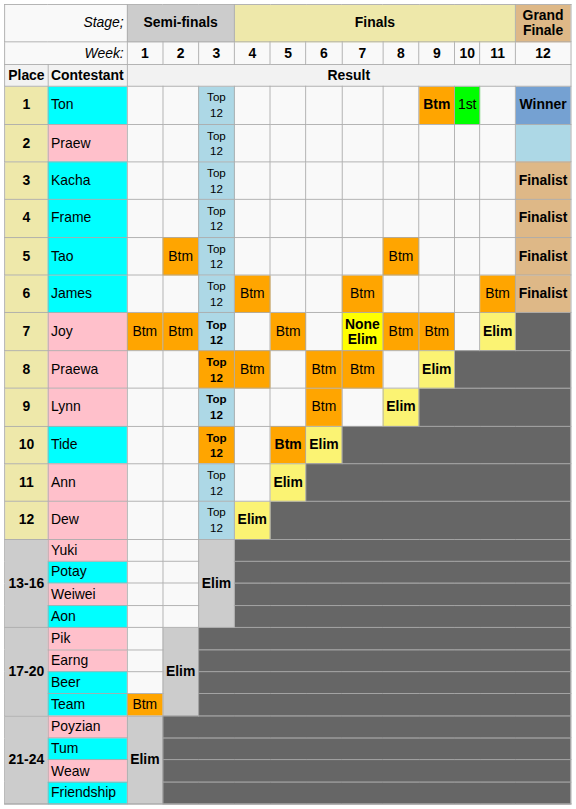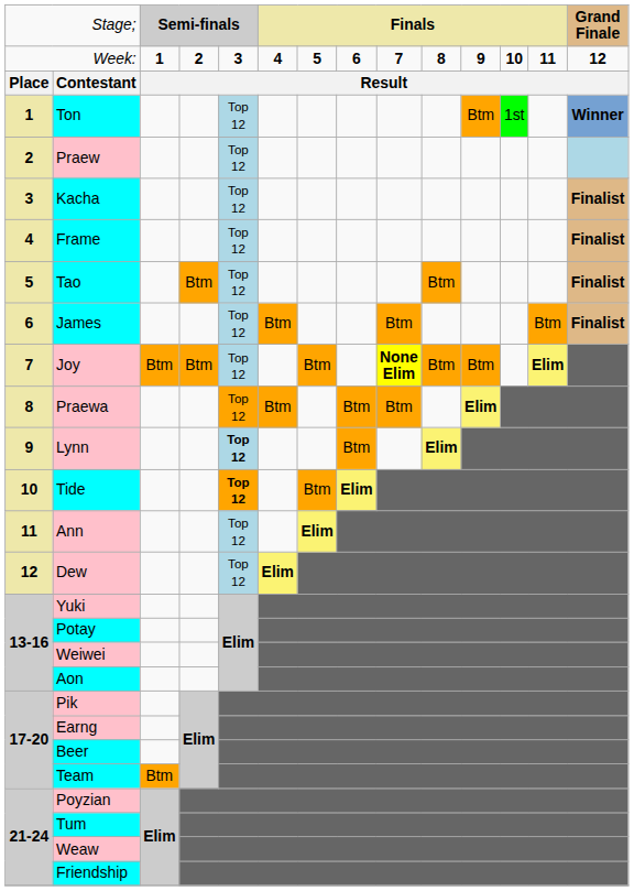 <table class="wikitable" width=40% style="margin:1em auto;">
 <tr>
 <td width=30% colspan="2" align="right"><em>Stage;</em></td>
 <td colspan="3" bgcolor="CCCCCC" align="Center"><strong>Semi-finals</strong></td>
 <td colspan="8" bgcolor="palegoldenrod" align="Center"><strong>Finals</strong></td>
 <td colspan="1" bgcolor="DEB887" align="Center"><strong>Grand Finale</strong></td>
 </tr>
 <tr>
 <td colspan="2" align="right"><em>Week:</em></td>
 <td align="center"><strong>1</strong></td>
 <td align="center"><strong>2</strong></td>
 <td align="center"><strong>3</strong></td>
 <td align="center"><strong>4</strong></td>
 <td align="center"><strong>5</strong></td>
 <td align="center"><strong>6</strong></td>
 <td align="center"><strong>7</strong></td>
 <td align="center"><strong>8</strong></td>
 <td align="center"><strong>9</strong></td>
 <td align="center"><strong>10</strong></td>
 <td align="center"><strong>11</strong></td>
 <td align="center"><strong>12</strong></td>
 </tr>
 <tr>
 <th>Place</th>
 <th>Contestant</th>
 <th colspan="12" align="center">Result</th>
 </tr>
 <tr>
 <td align="center" bgcolor="palegoldenrod"><strong>1</strong></td>
 <td bgcolor="cyan">Ton</td>
 <td></td>
 <td></td>
 <td bgcolor="lightblue" align="center"><small>Top 12</small></td>
 <td></td>
 <td></td>
 <td></td>
 <td></td>
 <td></td>
-<td bgcolor="orange" align="center"><strong>Btm</strong></td>
+<td bgcolor="orange" align="center">Btm</td>
 <td bgcolor="lime" align="center">1st</td>
 <td></td>
 <td style="color:black; text-align:center; background-color:#75A1D2"><strong>Winner</strong></td>
 </tr>
 <tr>
 <td align="center" bgcolor="palegoldenrod"><strong>2</strong></td>
 <td bgcolor="pink">Praew</td>
 <td></td>
 <td></td>
 <td bgcolor="lightblue" align="center"><small>Top 12</small></td>
 <td></td>
 <td></td>
 <td></td>
 <td></td>
 <td></td>
 <td></td>
 <td></td>
 <td></td>
 <td bgcolor="lightblue" align="center"></td>
 </tr>
 <tr>
 <td align="center" bgcolor="palegoldenrod"><strong>3</strong></td>
 <td bgcolor="cyan">Kacha</td>
 <td></td>
 <td></td>
 <td bgcolor="lightblue" align="center"><small>Top 12</small></td>
 <td></td>
 <td></td>
 <td></td>
 <td></td>
 <td></td>
 <td></td>
 <td></td>
 <td></td>
 <td bgcolor="#DEB887" align="center"><strong>Finalist</strong></td>
 </tr>
 <tr>
 <td align="center" bgcolor="palegoldenrod"><strong>4</strong></td>
 <td bgcolor="cyan">Frame</td>
 <td></td>
 <td></td>
 <td bgcolor="lightblue" align="center"><small>Top 12</small></td>
 <td></td>
 <td></td>
 <td></td>
 <td></td>
 <td></td>
 <td></td>
 <td></td>
 <td></td>
 <td bgcolor="#DEB887" align="center"><strong>Finalist</strong></td>
 </tr>
 <tr>
 <td align="center" bgcolor="palegoldenrod"><strong>5</strong></td>
 <td bgcolor="cyan">Tao</td>
 <td></td>
 <td bgcolor="orange" align="center">Btm</td>
 <td bgcolor="lightblue" align="center"><small>Top 12</small></td>
 <td></td>
 <td></td>
 <td></td>
 <td></td>
 <td bgcolor="orange" align="center">Btm</td>
 <td></td>
 <td></td>
 <td></td>
 <td bgcolor="#DEB887" align="center"><strong>Finalist</strong></td>
 </tr>
 <tr>
 <td align="center" bgcolor="palegoldenrod"><strong>6</strong></td>
 <td bgcolor="cyan">James</td>
 <td></td>
 <td></td>
 <td bgcolor="lightblue" align="center"><small>Top 12</small></td>
 <td bgcolor="orange" align="center">Btm</td>
 <td></td>
 <td></td>
 <td bgcolor="orange" align="center">Btm</td>
 <td></td>
 <td></td>
 <td></td>
 <td bgcolor="orange" align="center">Btm</td>
 <td bgcolor="#DEB887" align="center"><strong>Finalist</strong></td>
 </tr>
 <tr>
 <td align="center" bgcolor="palegoldenrod"><strong>7</strong></td>
 <td bgcolor="pink">Joy</td>
 <td bgcolor="orange" align="center">Btm</td>
 <td bgcolor="orange" align="center">Btm</td>
-<td bgcolor="lightblue" align="center"><strong><small>Top 12</small></strong></td>
+<td bgcolor="lightblue" align="center"><small>Top 12</small></td>
 <td></td>
 <td bgcolor="orange" align="center">Btm</td>
 <td></td>
 <td bgcolor="yellow" align="center"><strong>None Elim</strong></td>
 <td bgcolor="orange" align="center">Btm</td>
 <td bgcolor="orange" align="center">Btm</td>
 <td></td>
 <td bgcolor="FBF373" align="center"><strong>Elim</strong></td>
 <td colspan="6" bgcolor="666666"></td>
 </tr>
 <tr>
 <td align="center" bgcolor="palegoldenrod"><strong>8</strong></td>
 <td bgcolor="pink">Praewa</td>
 <td></td>
 <td></td>
-<td bgcolor="orange" align="center"><strong><small>Top 12</small></strong></td>
+<td bgcolor="orange" align="center"><small>Top 12</small></td>
 <td bgcolor="orange" align="center">Btm</td>
 <td></td>
 <td bgcolor="orange" align="center">Btm</td>
 <td bgcolor="orange" align="center">Btm</td>
 <td></td>
 <td bgcolor="FBF373" align="center"><strong>Elim</strong></td>
 <td colspan="6" bgcolor="666666"></td>
 </tr>
 <tr>
 <td align="center" bgcolor="palegoldenrod"><strong>9</strong></td>
 <td bgcolor="pink">Lynn</td>
 <td></td>
 <td></td>
 <td bgcolor="lightblue" align="center"><strong><small>Top 12</small></strong></td>
 <td></td>
 <td></td>
 <td bgcolor="orange" align="center">Btm</td>
 <td></td>
 <td bgcolor="FBF373" align="center"><strong>Elim</strong></td>
 <td colspan="6" bgcolor="666666"></td>
 </tr>
 <tr>
 <td align="center" bgcolor="palegoldenrod"><strong>10</strong></td>
 <td bgcolor="cyan">Tide</td>
 <td></td>
 <td></td>
 <td bgcolor="orange" align="center"><strong><small>Top 12</small></strong></td>
 <td></td>
-<td bgcolor="orange" align="center"><strong>Btm</strong></td>
+<td bgcolor="orange" align="center">Btm</td>
 <td bgcolor="FBF373" align="center"><strong>Elim</strong></td>
 <td colspan="6" bgcolor="666666"></td>
 </tr>
 <tr>
 <td align="center" bgcolor="palegoldenrod"><strong>11</strong></td>
 <td bgcolor="pink">Ann</td>
 <td></td>
 <td></td>
 <td bgcolor="lightblue" align="center"><small>Top 12</small></td>
 <td></td>
 <td bgcolor="FBF373" align="center"><strong>Elim</strong></td>
 <td colspan="7" bgcolor="666666"></td>
 </tr>
 <tr>
 <td align="center" bgcolor="palegoldenrod"><strong>12</strong></td>
 <td bgcolor="pink">Dew</td>
 <td></td>
 <td></td>
 <td bgcolor="lightblue" align="center"><small>Top 12</small></td>
 <td bgcolor="FBF373" align="center"><strong>Elim</strong></td>
 <td colspan="8" bgcolor="666666"></td>
 </tr>
 <tr>
 <td align="center" bgcolor="#CCCCCC" rowspan="4"><strong>13-16</strong></td>
 <td bgcolor="pink">Yuki</td>
 <td></td>
 <td></td>
 <td bgcolor="#CCCCCC" align="center" rowspan=4><strong>Elim</strong></td>
 <td colspan="9" bgcolor="666666"></td>
 </tr>
 <tr>
 <td bgcolor="cyan">Potay</td>
 <td></td>
 <td></td>
 <td colspan="9" bgcolor="666666"></td>
 </tr>
 <tr>
 <td bgcolor="pink">Weiwei</td>
 <td></td>
 <td></td>
 <td colspan="9" bgcolor="666666"></td>
 </tr>
 <tr>
 <td bgcolor="cyan">Aon</td>
 <td></td>
 <td></td>
 <td colspan="9" bgcolor="666666"></td>
 </tr>
 <tr>
 <td align="center" bgcolor="#CCCCCC" rowspan="4"><strong>17-20</strong></td>
 <td bgcolor="pink">Pik</td>
 <td></td>
 <td bgcolor="#CCCCCC" align="center" rowspan=4><strong>Elim</strong></td>
 <td colspan="10" bgcolor="666666"></td>
 </tr>
 <tr>
 <td bgcolor="pink">Earng</td>
 <td></td>
 <td colspan="10" bgcolor="666666"></td>
 </tr>
 <tr>
 <td bgcolor="cyan">Beer</td>
 <td></td>
 <td colspan="10" bgcolor="666666"></td>
 </tr>
 <tr>
 <td bgcolor="cyan">Team</td>
 <td bgcolor="orange" align="center">Btm</td>
 <td colspan="10" bgcolor="666666"></td>
 </tr>
 <tr>
 <td align="center" bgcolor="#CCCCCC" rowspan="4"><strong>21-24</strong></td>
 <td bgcolor="pink">Poyzian</td>
 <td bgcolor="#CCCCCC" align="center" rowspan=4><strong>Elim</strong></td>
 <td colspan="11" bgcolor="666666"></td>
 </tr>
 <tr>
 <td bgcolor="cyan">Tum</td>
 <td colspan="11" bgcolor="666666"></td>
 </tr>
 <tr>
 <td bgcolor="pink">Weaw</td>
 <td colspan="11" bgcolor="666666"></td>
 </tr>
 <tr>
 <td bgcolor="cyan">Friendship</td>
 <td colspan="11" bgcolor="666666"></td>
 </tr>
 <tr>
 </tr>
 </table>
